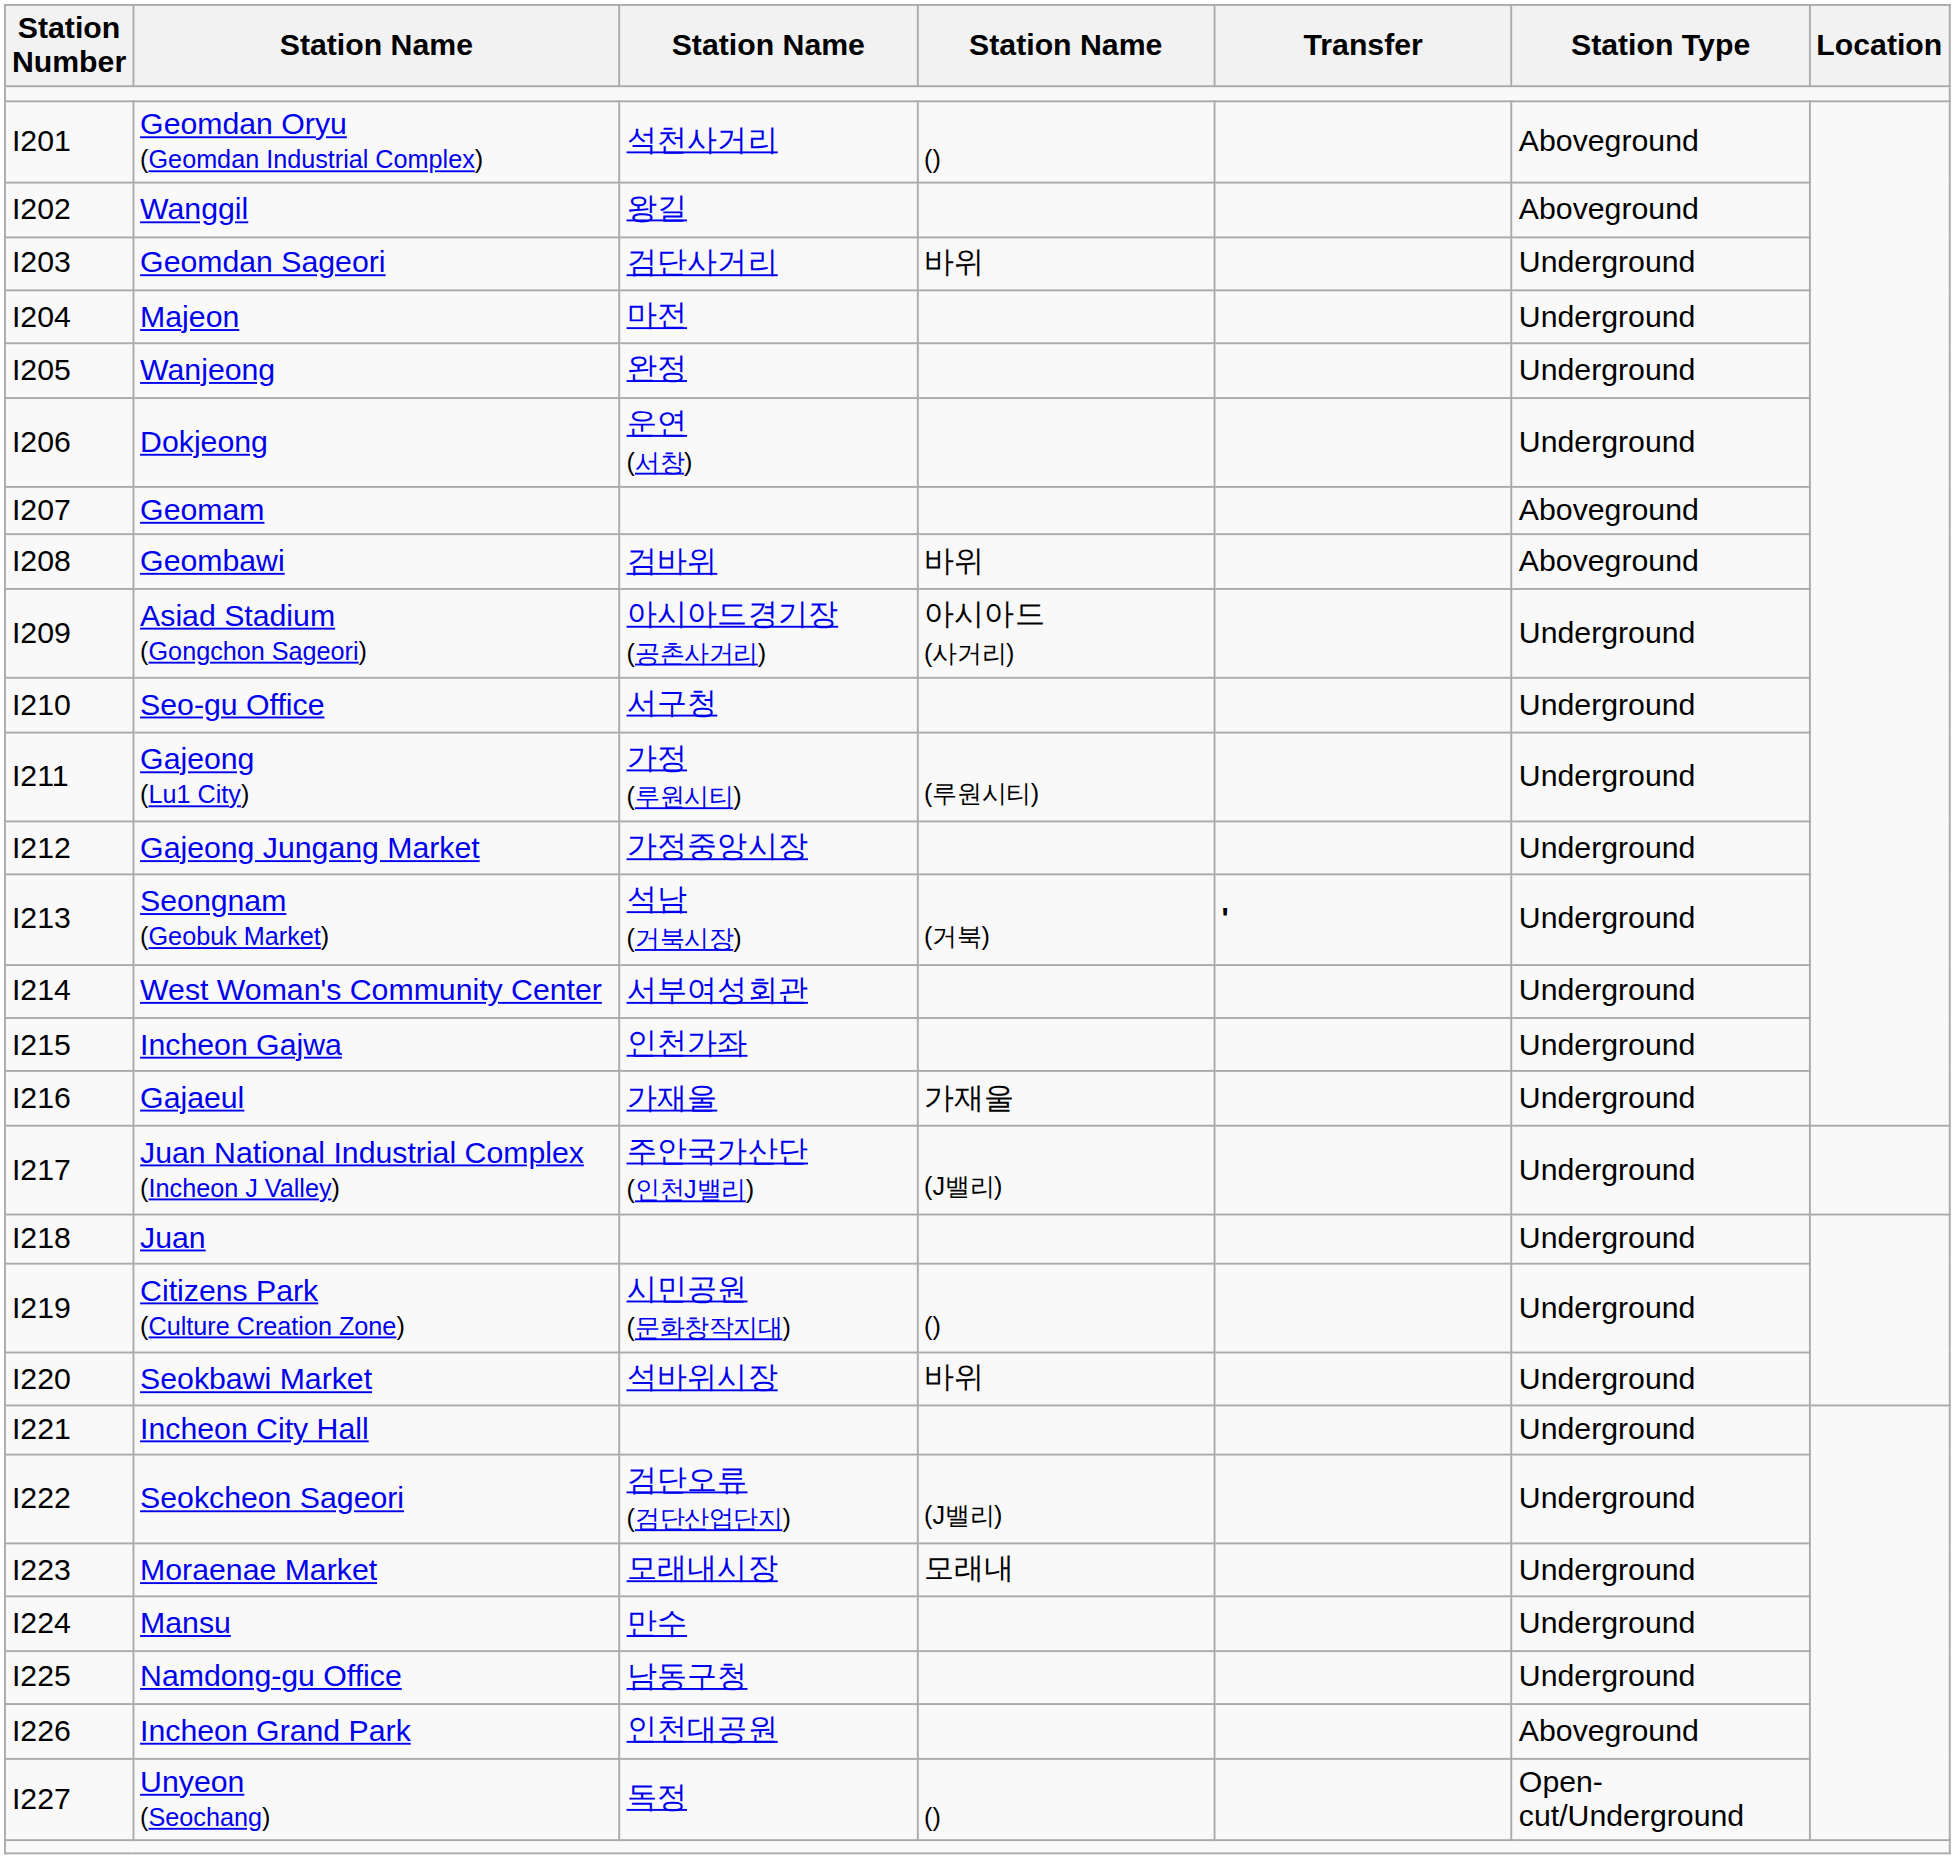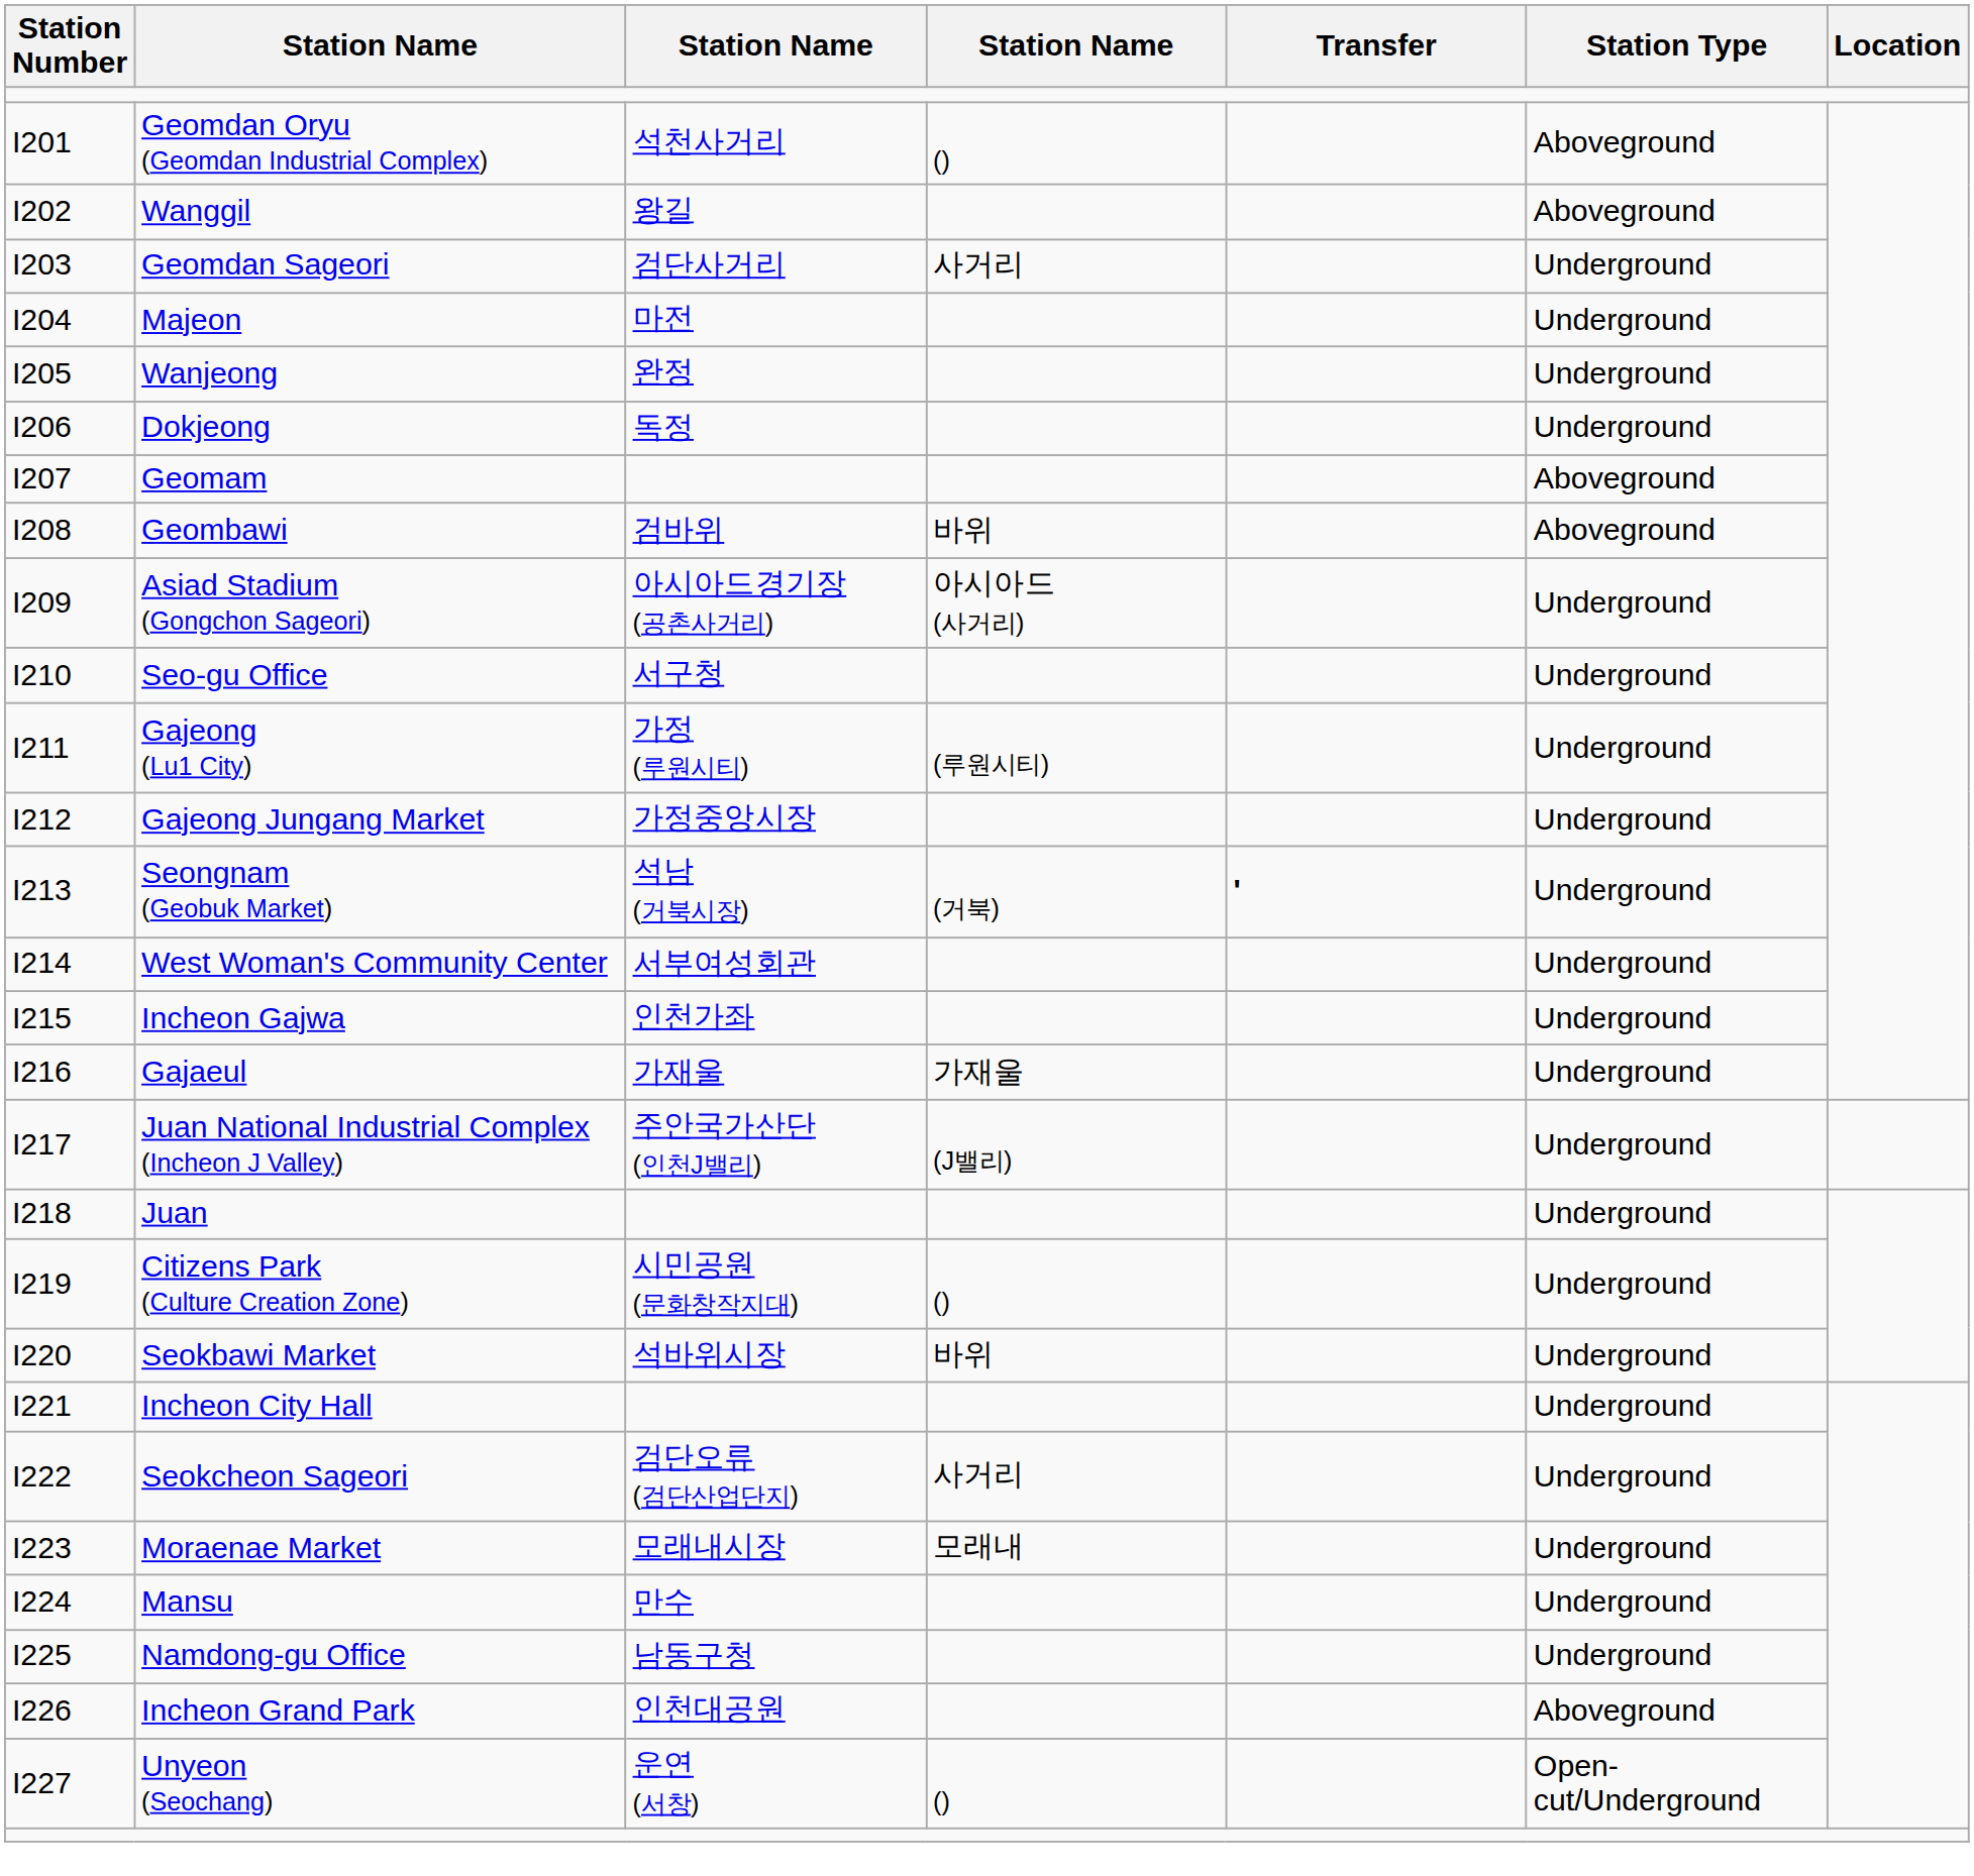 <table class="wikitable">
 <tr>
 <th>Station<br>Number</th>
 <th width="250pt">Station Name<br></th>
 <th width="150pt">Station Name<br></th>
 <th width="150pt">Station Name<br></th>
 <th width="150pt">Transfer</th>
 <th width="150pt">Station Type</th>
 <th>Location</th>
 </tr>
 <tr style="background:#">
 <td colspan="8"></td>
 </tr>
 <tr>
 <td>I201</td>
 <td><a href='#'>Geomdan Oryu</a> <br><small>(<a href='#'>Geomdan Industrial Complex</a>)</small></td>
 <td><a href='#'>석천사거리</a></td>
 <td> <br><small>()</small></td>
 <td></td>
 <td>Aboveground</td>
 <td rowspan="16"></td>
 </tr>
 <tr>
 <td>I202</td>
 <td><a href='#'>Wanggil</a></td>
 <td><a href='#'>왕길</a></td>
 <td></td>
 <td></td>
 <td>Aboveground</td>
 </tr>
 <tr>
 <td>I203</td>
 <td><a href='#'>Geomdan Sageori</a></td>
 <td><a href='#'>검단사거리</a></td>
-<td>바위</td>
+<td>사거리</td>
 <td></td>
 <td>Underground</td>
 </tr>
 <tr>
 <td>I204</td>
 <td><a href='#'>Majeon</a></td>
 <td><a href='#'>마전</a></td>
 <td></td>
 <td></td>
 <td>Underground</td>
 </tr>
 <tr>
 <td>I205</td>
 <td><a href='#'>Wanjeong</a></td>
 <td><a href='#'>완정</a></td>
 <td></td>
 <td></td>
 <td>Underground</td>
 </tr>
 <tr>
 <td>I206</td>
 <td><a href='#'>Dokjeong</a></td>
-<td><a href='#'>운연</a> <br><small>(<a href='#'>서창</a>)</small></td>
+<td><a href='#'>독정</a></td>
 <td></td>
 <td></td>
 <td>Underground</td>
 </tr>
 <tr>
 <td>I207</td>
 <td><a href='#'>Geomam</a></td>
 <td></td>
 <td></td>
 <td></td>
 <td>Aboveground</td>
 </tr>
 <tr>
 <td>I208</td>
 <td><a href='#'>Geombawi</a></td>
 <td><a href='#'>검바위</a></td>
 <td>바위</td>
 <td></td>
 <td>Aboveground</td>
 </tr>
 <tr>
 <td>I209</td>
 <td><a href='#'>Asiad Stadium</a> <br><small>(<a href='#'>Gongchon Sageori</a>)</small></td>
 <td><a href='#'>아시아드경기장</a> <br><small>(<a href='#'>공촌사거리</a>)</small></td>
 <td>아시아드 <br><small>(사거리)</small></td>
 <td></td>
 <td>Underground</td>
 </tr>
 <tr>
 <td>I210</td>
 <td><a href='#'>Seo-gu Office</a></td>
 <td><a href='#'>서구청</a></td>
 <td></td>
 <td></td>
 <td>Underground</td>
 </tr>
 <tr>
 <td>I211</td>
 <td><a href='#'>Gajeong</a> <br><small>(<a href='#'>Lu1 City</a>)</small></td>
 <td><a href='#'>가정</a> <br><small>(<a href='#'>루원시티</a>)</small></td>
 <td> <br><small>(루원시티)</small></td>
 <td></td>
 <td>Underground</td>
 </tr>
 <tr>
 <td>I212</td>
 <td><a href='#'>Gajeong Jungang Market</a></td>
 <td><a href='#'>가정중앙시장</a></td>
 <td></td>
 <td></td>
 <td>Underground</td>
 </tr>
 <tr>
 <td>I213</td>
 <td><a href='#'>Seongnam</a> <br><small>(<a href='#'>Geobuk Market</a>)</small></td>
 <td><a href='#'>석남</a> <br><small>(<a href='#'>거북시장</a>)</small></td>
 <td> <br><small>(거북)</small></td>
 <td><em></em> <strong>'</strong></td>
 <td>Underground</td>
 </tr>
 <tr>
 <td>I214</td>
 <td><a href='#'>West Woman's Community Center</a></td>
 <td><a href='#'>서부여성회관</a></td>
 <td></td>
 <td></td>
 <td>Underground</td>
 </tr>
 <tr>
 <td>I215</td>
 <td><a href='#'>Incheon Gajwa</a></td>
 <td><a href='#'>인천가좌</a></td>
 <td></td>
 <td></td>
 <td>Underground</td>
 </tr>
 <tr>
 <td>I216</td>
 <td><a href='#'>Gajaeul</a></td>
 <td><a href='#'>가재울</a></td>
 <td>가재울</td>
 <td></td>
 <td>Underground</td>
 </tr>
 <tr>
 <td>I217</td>
 <td><a href='#'>Juan National Industrial Complex</a> <br><small>(<a href='#'>Incheon J Valley</a>)</small></td>
 <td><a href='#'>주안국가산단</a> <br><small>(<a href='#'>인천J밸리</a>)</small></td>
 <td> <br><small>(J밸리)</small></td>
 <td></td>
 <td>Underground</td>
 <td></td>
 </tr>
 <tr>
 <td>I218</td>
 <td><a href='#'>Juan</a></td>
 <td></td>
 <td></td>
 <td></td>
 <td>Underground</td>
 <td rowspan="3"></td>
 </tr>
 <tr>
 <td>I219</td>
 <td><a href='#'>Citizens Park</a> <br><small>(<a href='#'>Culture Creation Zone</a>)</small></td>
 <td><a href='#'>시민공원</a> <br><small>(<a href='#'>문화창작지대</a>)</small></td>
 <td> <br><small>()</small></td>
 <td></td>
 <td>Underground</td>
 </tr>
 <tr>
 <td>I220</td>
 <td><a href='#'>Seokbawi Market</a></td>
 <td><a href='#'>석바위시장</a></td>
 <td>바위</td>
 <td></td>
 <td>Underground</td>
 </tr>
 <tr>
 <td>I221</td>
 <td><a href='#'>Incheon City Hall</a></td>
 <td></td>
 <td></td>
 <td></td>
 <td>Underground</td>
 <td rowspan="7"></td>
 </tr>
 <tr>
 <td>I222</td>
 <td><a href='#'>Seokcheon Sageori</a></td>
 <td><a href='#'>검단오류</a> <br><small>(<a href='#'>검단산업단지</a>)</small></td>
-<td> <br><small>(J밸리)</small></td>
+<td>사거리</td>
 <td></td>
 <td>Underground</td>
 </tr>
 <tr>
 <td>I223</td>
 <td><a href='#'>Moraenae Market</a></td>
 <td><a href='#'>모래내시장</a></td>
 <td>모래내</td>
 <td></td>
 <td>Underground</td>
 </tr>
 <tr>
 <td>I224</td>
 <td><a href='#'>Mansu</a></td>
 <td><a href='#'>만수</a></td>
 <td></td>
 <td></td>
 <td>Underground</td>
 </tr>
 <tr>
 <td>I225</td>
 <td><a href='#'>Namdong-gu Office</a></td>
 <td><a href='#'>남동구청</a></td>
 <td></td>
 <td></td>
 <td>Underground</td>
 </tr>
 <tr>
 <td>I226</td>
 <td><a href='#'>Incheon Grand Park</a></td>
 <td><a href='#'>인천대공원</a></td>
 <td></td>
 <td></td>
 <td>Aboveground</td>
 </tr>
 <tr>
 <td>I227</td>
 <td><a href='#'>Unyeon</a> <br><small>(<a href='#'>Seochang</a>)</small></td>
-<td><a href='#'>독정</a></td>
+<td><a href='#'>운연</a> <br><small>(<a href='#'>서창</a>)</small></td>
 <td> <br><small>()</small></td>
 <td></td>
 <td>Open-cut/Underground</td>
 </tr>
 <tr style="background:#">
 <td colspan="8"></td>
 </tr>
 </table>
